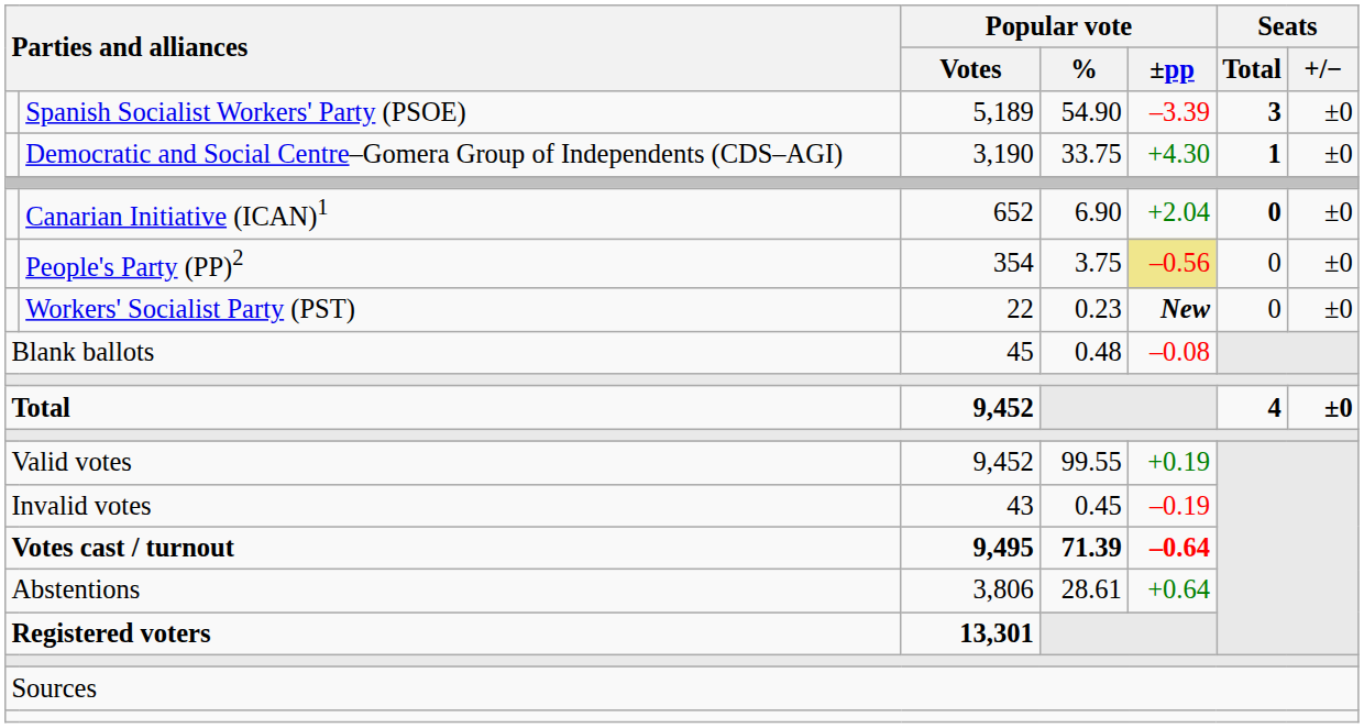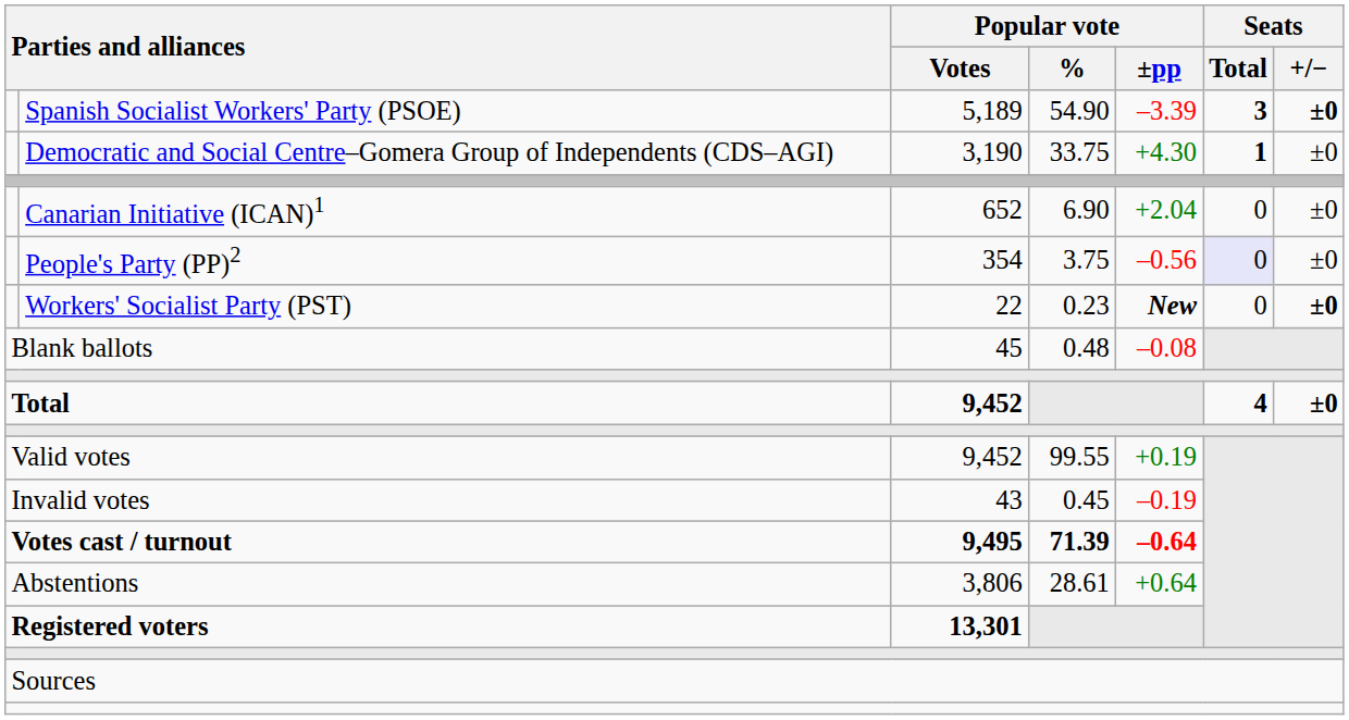 <table class="wikitable" style="text-align:right;">
 <tr>
 <th style="text-align:left;" rowspan="2" colspan="2" width="525">Parties and alliances</th>
 <th colspan="3">Popular vote</th>
 <th colspan="2">Seats</th>
 </tr>
 <tr>
 <th width="75">Votes</th>
 <th width="45">%</th>
 <th width="45">±<a href='#'>pp</a></th>
 <th width="35">Total</th>
 <th width="35">+/−</th>
 </tr>
 <tr>
 <td width="1" style="color:inherit;background:"></td>
 <td align="left"><a href='#'>Spanish Socialist Workers' Party</a> (PSOE)</td>
 <td>5,189</td>
 <td>54.90</td>
 <td style="color:red;">–3.39</td>
 <td><strong>3</strong></td>
-<td>±0</td>
+<td><strong>±0</strong></td>
 </tr>
 <tr>
 <td style="color:inherit;background:"></td>
 <td align="left"><a href='#'>Democratic and Social Centre</a>–Gomera Group of Independents (CDS–AGI)</td>
 <td>3,190</td>
 <td>33.75</td>
 <td style="color:green;">+4.30</td>
 <td><strong>1</strong></td>
 <td>±0</td>
 </tr>
 <tr>
 <td colspan="7" bgcolor="#C0C0C0"></td>
 </tr>
 <tr>
 <td style="color:inherit;background:"></td>
 <td align="left"><a href='#'>Canarian Initiative</a> (ICAN)<sup>1</sup></td>
 <td>652</td>
 <td>6.90</td>
 <td style="color:green;">+2.04</td>
-<td><strong>0</strong></td>
+<td>0</td>
 <td>±0</td>
 </tr>
 <tr>
 <td style="color:inherit;background:"></td>
 <td align="left"><a href='#'>People's Party</a> (PP)<sup>2</sup></td>
 <td>354</td>
 <td>3.75</td>
-<td style="background: khaki; color:red;">–0.56</td>
-<td>0</td>
+<td style="color:red;">–0.56</td>
+<td style="background: lavender;">0</td>
 <td>±0</td>
 </tr>
 <tr>
 <td style="color:inherit;background:"></td>
 <td align="left"><a href='#'>Workers' Socialist Party</a> (PST)</td>
 <td>22</td>
 <td>0.23</td>
 <td><strong><em>New</em></strong></td>
 <td>0</td>
-<td>±0</td>
+<td><strong>±0</strong></td>
 </tr>
 <tr>
 <td align="left" colspan="2">Blank ballots</td>
 <td>45</td>
 <td>0.48</td>
 <td style="color:red;">–0.08</td>
 <td bgcolor="#E9E9E9" colspan="2"></td>
 </tr>
 <tr>
 <td colspan="7" bgcolor="#E9E9E9"></td>
 </tr>
 <tr style="font-weight:bold;">
 <td align="left" colspan="2">Total</td>
 <td>9,452</td>
 <td bgcolor="#E9E9E9" colspan="2"></td>
 <td>4</td>
 <td>±0</td>
 </tr>
 <tr>
 <td colspan="7" bgcolor="#E9E9E9"></td>
 </tr>
 <tr>
 <td align="left" colspan="2">Valid votes</td>
 <td>9,452</td>
 <td>99.55</td>
 <td style="color:green;">+0.19</td>
 <td bgcolor="#E9E9E9" colspan="2" rowspan="5"></td>
 </tr>
 <tr>
 <td align="left" colspan="2">Invalid votes</td>
 <td>43</td>
 <td>0.45</td>
 <td style="color:red;">–0.19</td>
 </tr>
 <tr style="font-weight:bold;">
 <td align="left" colspan="2">Votes cast / turnout</td>
 <td>9,495</td>
 <td>71.39</td>
 <td style="color:red;">–0.64</td>
 </tr>
 <tr>
 <td align="left" colspan="2">Abstentions</td>
 <td>3,806</td>
 <td>28.61</td>
 <td style="color:green;">+0.64</td>
 </tr>
 <tr style="font-weight:bold;">
 <td align="left" colspan="2">Registered voters</td>
 <td>13,301</td>
 <td bgcolor="#E9E9E9" colspan="2"></td>
 </tr>
 <tr>
 <td colspan="7" bgcolor="#E9E9E9"></td>
 </tr>
 <tr>
 <td align="left" colspan="7">Sources</td>
 </tr>
 <tr>
 <td colspan="7" style="text-align:left; max-width:790px;"></td>
 </tr>
 </table>
